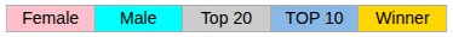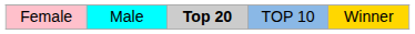 <table class="wikitable" style="margin:1em auto; text-align:center;">
 <tr>
 </tr>
 <tr>
 <td style="background:pink; width:15%;">Female</td>
 <td style="background:cyan; width:15%;">Male</td>
-<td style="background:#ccc; width:15%;">Top 20</td>
+<td style="background:#ccc; width:15%;"><strong>Top 20</strong></td>
 <td style="background:#8ab8e6; width:15%;">TOP 10</td>
 <td style="background:gold; width:15%;">Winner</td>
 </tr>
 </table>
